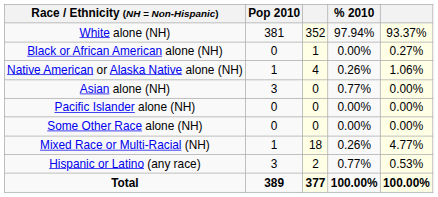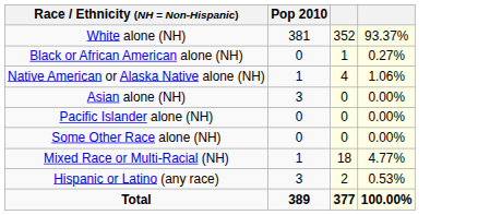 <table class="wikitable" style="text-align:center;">
 <tr>
 <th>Race / Ethnicity <small>(<em>NH = Non-Hispanic</em>)</small></th>
 <th>Pop 2010</th>
 <th></th>
-<th>% 2010</th>
 <th></th>
 </tr>
 <tr>
 <td><a href='#'>White</a> alone (NH)</td>
 <td>381</td>
 <td style='background: #ffffe6;'>352</td>
-<td>97.94%</td>
 <td style='background: #ffffe6;'>93.37%</td>
 </tr>
 <tr>
 <td><a href='#'>Black or African American</a> alone (NH)</td>
 <td>0</td>
 <td style='background: #ffffe6;'>1</td>
-<td>0.00%</td>
 <td style='background: #ffffe6;'>0.27%</td>
 </tr>
 <tr>
 <td><a href='#'>Native American</a> or <a href='#'>Alaska Native</a> alone (NH)</td>
 <td>1</td>
 <td style='background: #ffffe6;'>4</td>
-<td>0.26%</td>
 <td style='background: #ffffe6;'>1.06%</td>
 </tr>
 <tr>
 <td><a href='#'>Asian</a> alone (NH)</td>
 <td>3</td>
 <td style='background: #ffffe6;'>0</td>
-<td>0.77%</td>
 <td style='background: #ffffe6;'>0.00%</td>
 </tr>
 <tr>
 <td><a href='#'>Pacific Islander</a> alone (NH)</td>
 <td>0</td>
 <td style='background: #ffffe6;'>0</td>
-<td>0.00%</td>
 <td style='background: #ffffe6;'>0.00%</td>
 </tr>
 <tr>
 <td><a href='#'>Some Other Race</a> alone (NH)</td>
 <td>0</td>
 <td style='background: #ffffe6;'>0</td>
-<td>0.00%</td>
 <td style='background: #ffffe6;'>0.00%</td>
 </tr>
 <tr>
 <td><a href='#'>Mixed Race or Multi-Racial</a> (NH)</td>
 <td>1</td>
 <td style='background: #ffffe6;'>18</td>
-<td>0.26%</td>
 <td style='background: #ffffe6;'>4.77%</td>
 </tr>
 <tr>
 <td><a href='#'>Hispanic or Latino</a> (any race)</td>
 <td>3</td>
 <td style='background: #ffffe6;'>2</td>
-<td>0.77%</td>
 <td style='background: #ffffe6;'>0.53%</td>
 </tr>
 <tr>
 <td><strong>Total</strong></td>
 <td><strong>389</strong></td>
 <td style='background: #ffffe6;'><strong>377</strong></td>
-<td><strong>100.00%</strong></td>
 <td style='background: #ffffe6;'><strong>100.00%</strong></td>
 </tr>
 </table>
